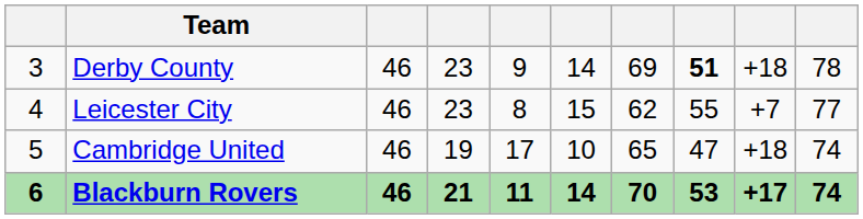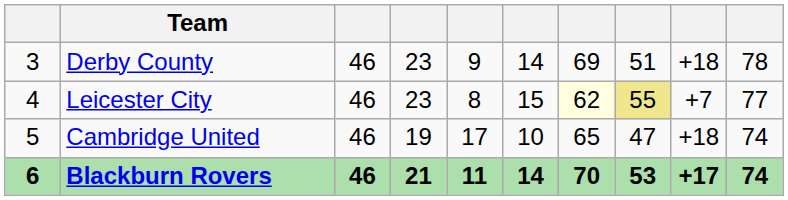 <table class="wikitable" style="text-align:center">
 <tr>
 <th width="30"></th>
 <th width="175">Team</th>
 <th width="30"></th>
 <th width="30"></th>
 <th width="30"></th>
 <th width="30"></th>
 <th width="30"></th>
 <th width="30"></th>
 <th width="30"></th>
 <th width="30"></th>
 </tr>
 <tr>
 <td>3</td>
 <td align=left><a href='#'>Derby County</a></td>
 <td>46</td>
 <td>23</td>
 <td>9</td>
 <td>14</td>
 <td>69</td>
-<td><strong>51</strong></td>
+<td>51</td>
 <td>+18</td>
 <td>78</td>
 </tr>
 <tr>
 <td>4</td>
 <td align=left><a href='#'>Leicester City</a></td>
 <td>46</td>
 <td>23</td>
 <td>8</td>
 <td>15</td>
-<td>62</td>
-<td>55</td>
+<td style="background: lightyellow;">62</td>
+<td style="background: khaki;">55</td>
 <td>+7</td>
 <td>77</td>
 </tr>
 <tr>
 <td>5</td>
 <td align=left><a href='#'>Cambridge United</a></td>
 <td>46</td>
 <td>19</td>
 <td>17</td>
 <td>10</td>
 <td>65</td>
 <td>47</td>
 <td>+18</td>
 <td>74</td>
 </tr>
 <tr bgcolor=#ADDFAD>
 <td><strong>6</strong></td>
 <td align=left><strong><a href='#'>Blackburn Rovers</a></strong></td>
 <td><strong>46</strong></td>
 <td><strong>21</strong></td>
 <td><strong>11</strong></td>
 <td><strong>14</strong></td>
 <td><strong>70</strong></td>
 <td><strong>53</strong></td>
 <td><strong>+17</strong></td>
 <td><strong>74</strong></td>
 </tr>
 </table>
